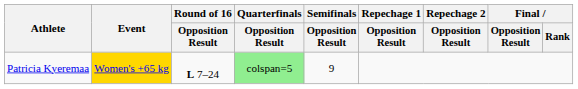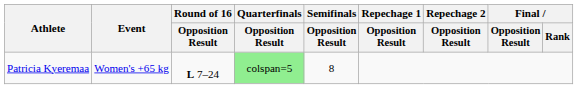 <table class="wikitable" style="font-size:90%;">
 <tr>
 <th rowspan=2>Athlete</th>
 <th rowspan=2>Event</th>
 <th>Round of 16</th>
 <th>Quarterfinals</th>
 <th>Semifinals</th>
 <th>Repechage 1</th>
 <th>Repechage 2</th>
 <th colspan=2>Final / </th>
 </tr>
 <tr style="font-size:95%">
 <th>Opposition<br>Result</th>
 <th>Opposition<br>Result</th>
 <th>Opposition<br>Result</th>
 <th>Opposition<br>Result</th>
 <th>Opposition<br>Result</th>
 <th>Opposition<br>Result</th>
 <th>Rank</th>
 </tr>
 <tr align=center>
 <td align=left><a href='#'>Patricia Kyeremaa</a></td>
-<td align=left style="background: gold;"><a href='#'>Women's +65 kg</a></td>
+<td align=left><a href='#'>Women's +65 kg</a></td>
 <td><br><strong>L</strong> 7–24</td>
 <td style="background: lightgreen;">colspan=5 </td>
-<td>9</td>
+<td>8</td>
 </tr>
 </table>
